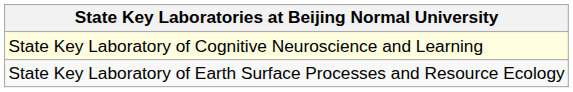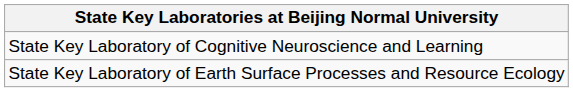 <table class="wikitable">
 <tr>
 <th>State Key Laboratories at Beijing Normal University</th>
 </tr>
 <tr>
-<td style="background: lightyellow;">State Key Laboratory of Cognitive Neuroscience and Learning</td>
+<td>State Key Laboratory of Cognitive Neuroscience and Learning</td>
 </tr>
 <tr>
 <td>State Key Laboratory of Earth Surface Processes and Resource Ecology</td>
 </tr>
 </table>
